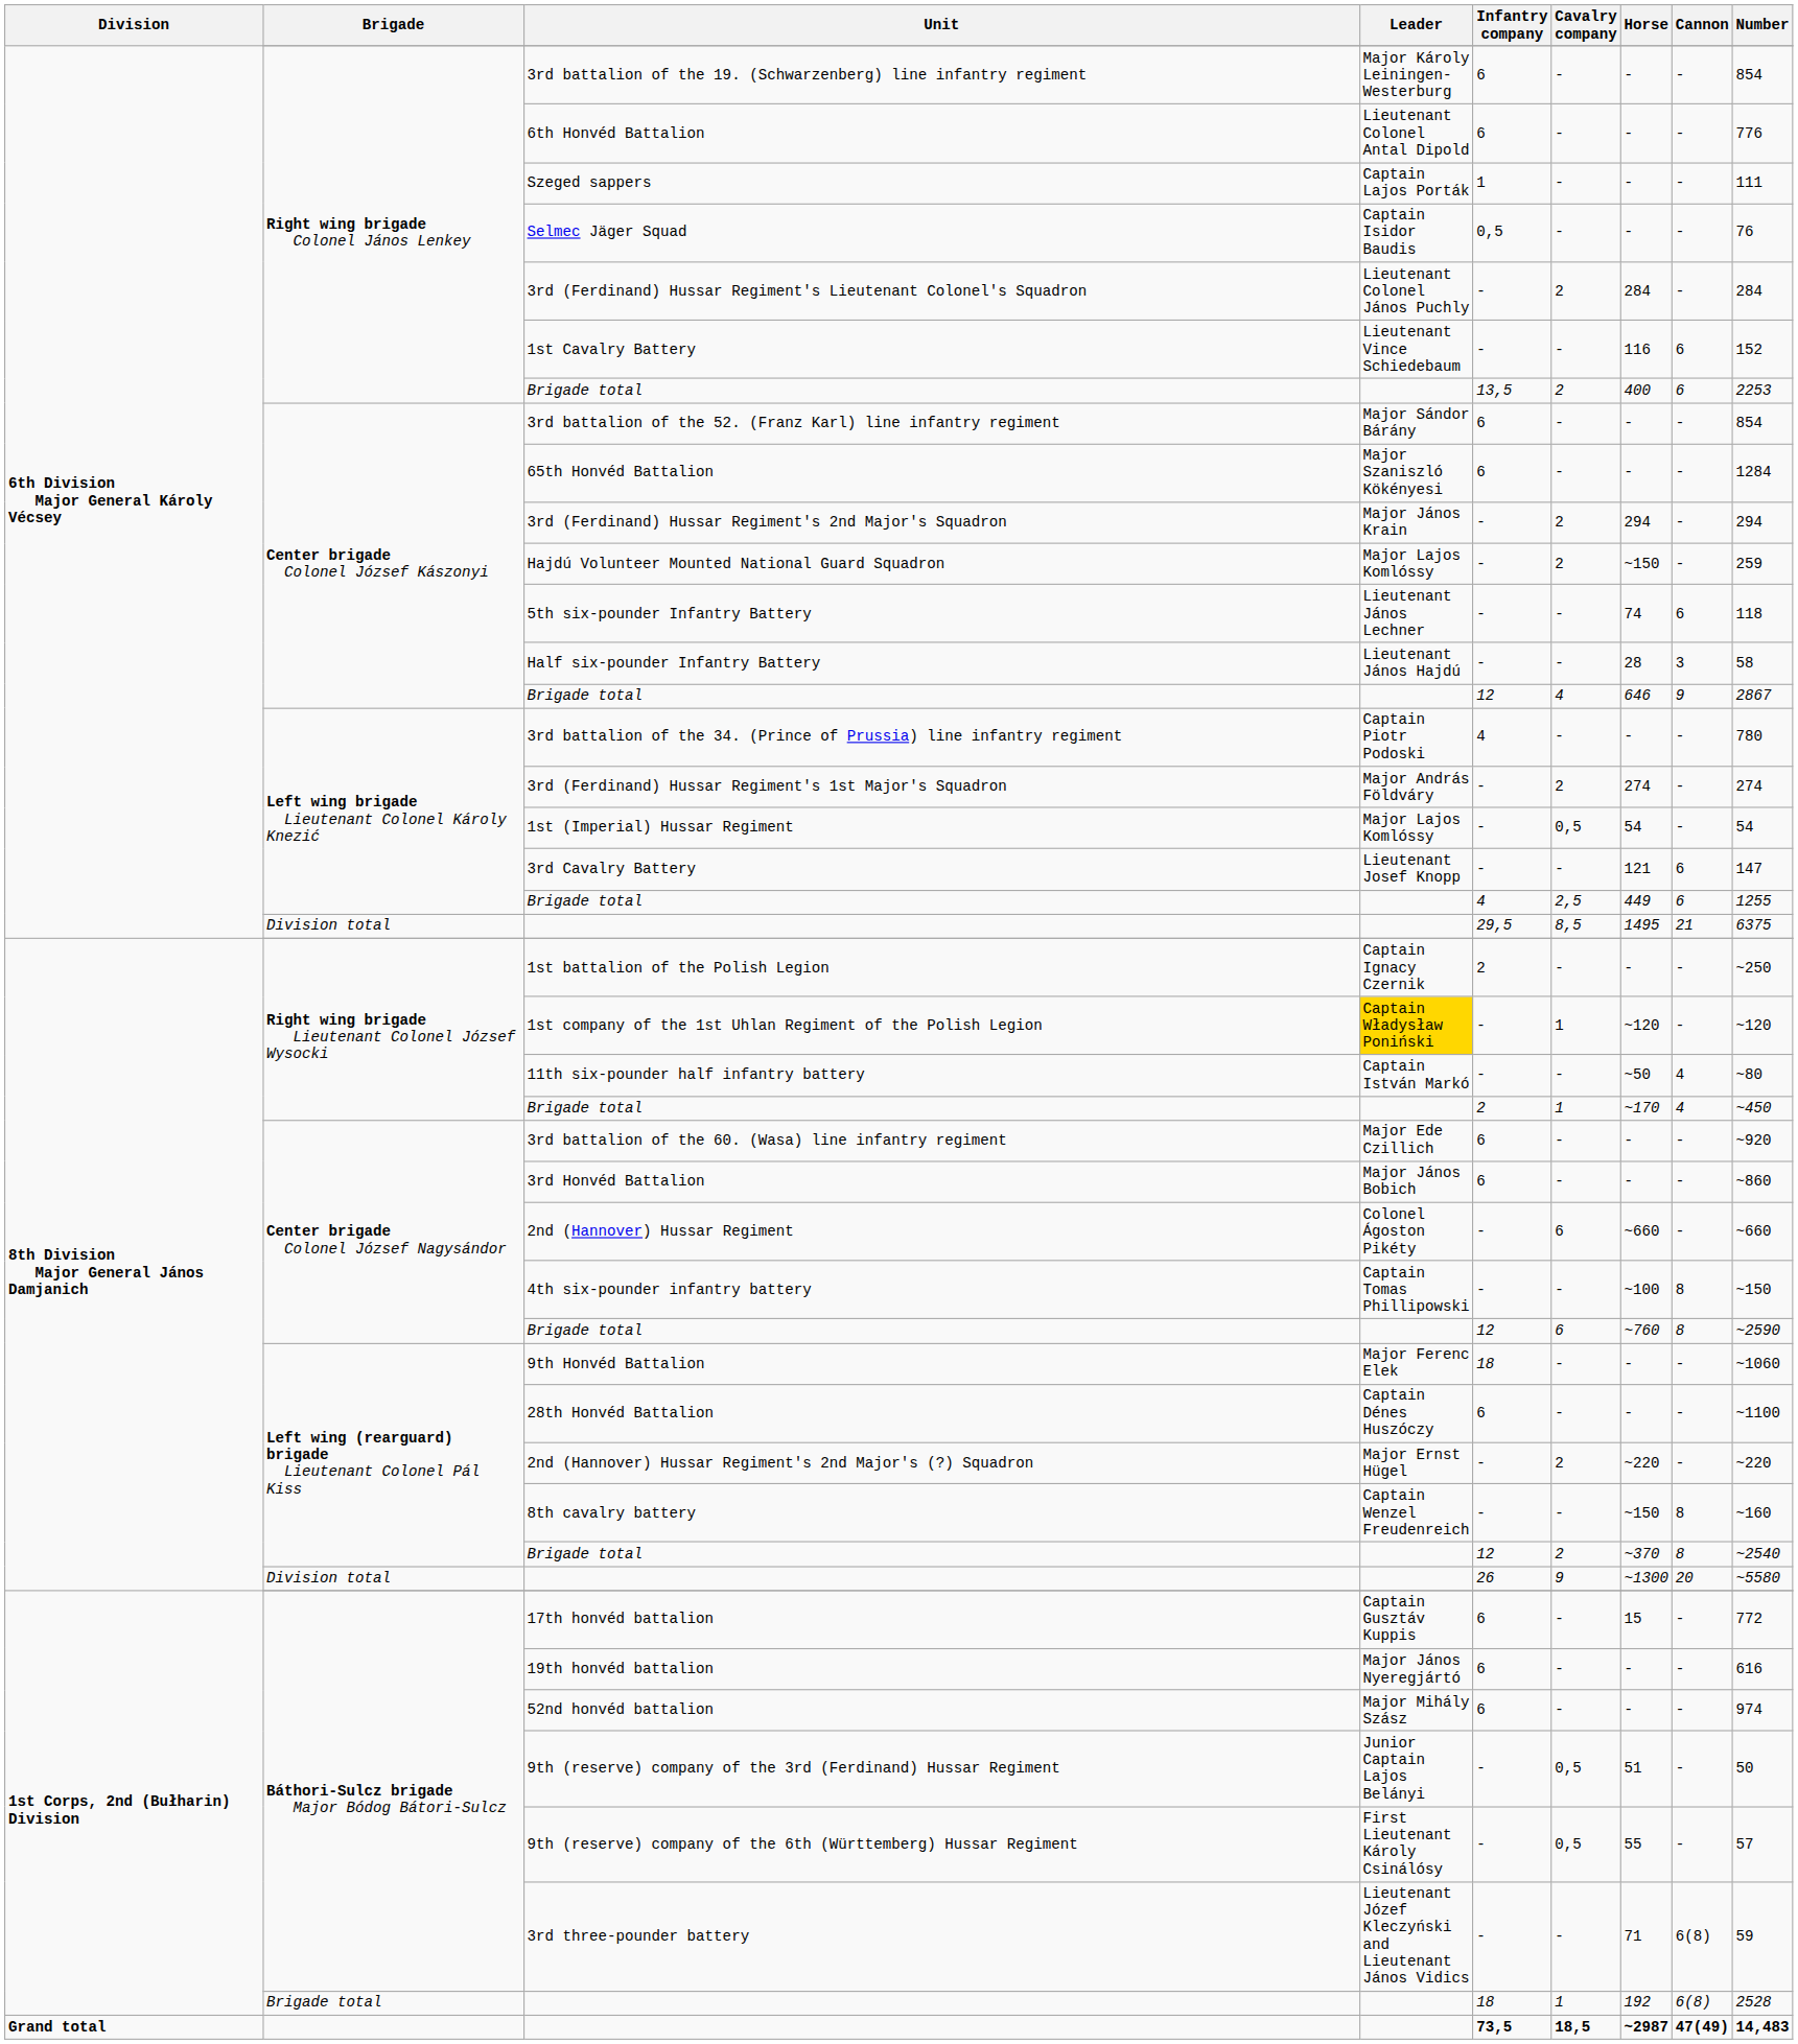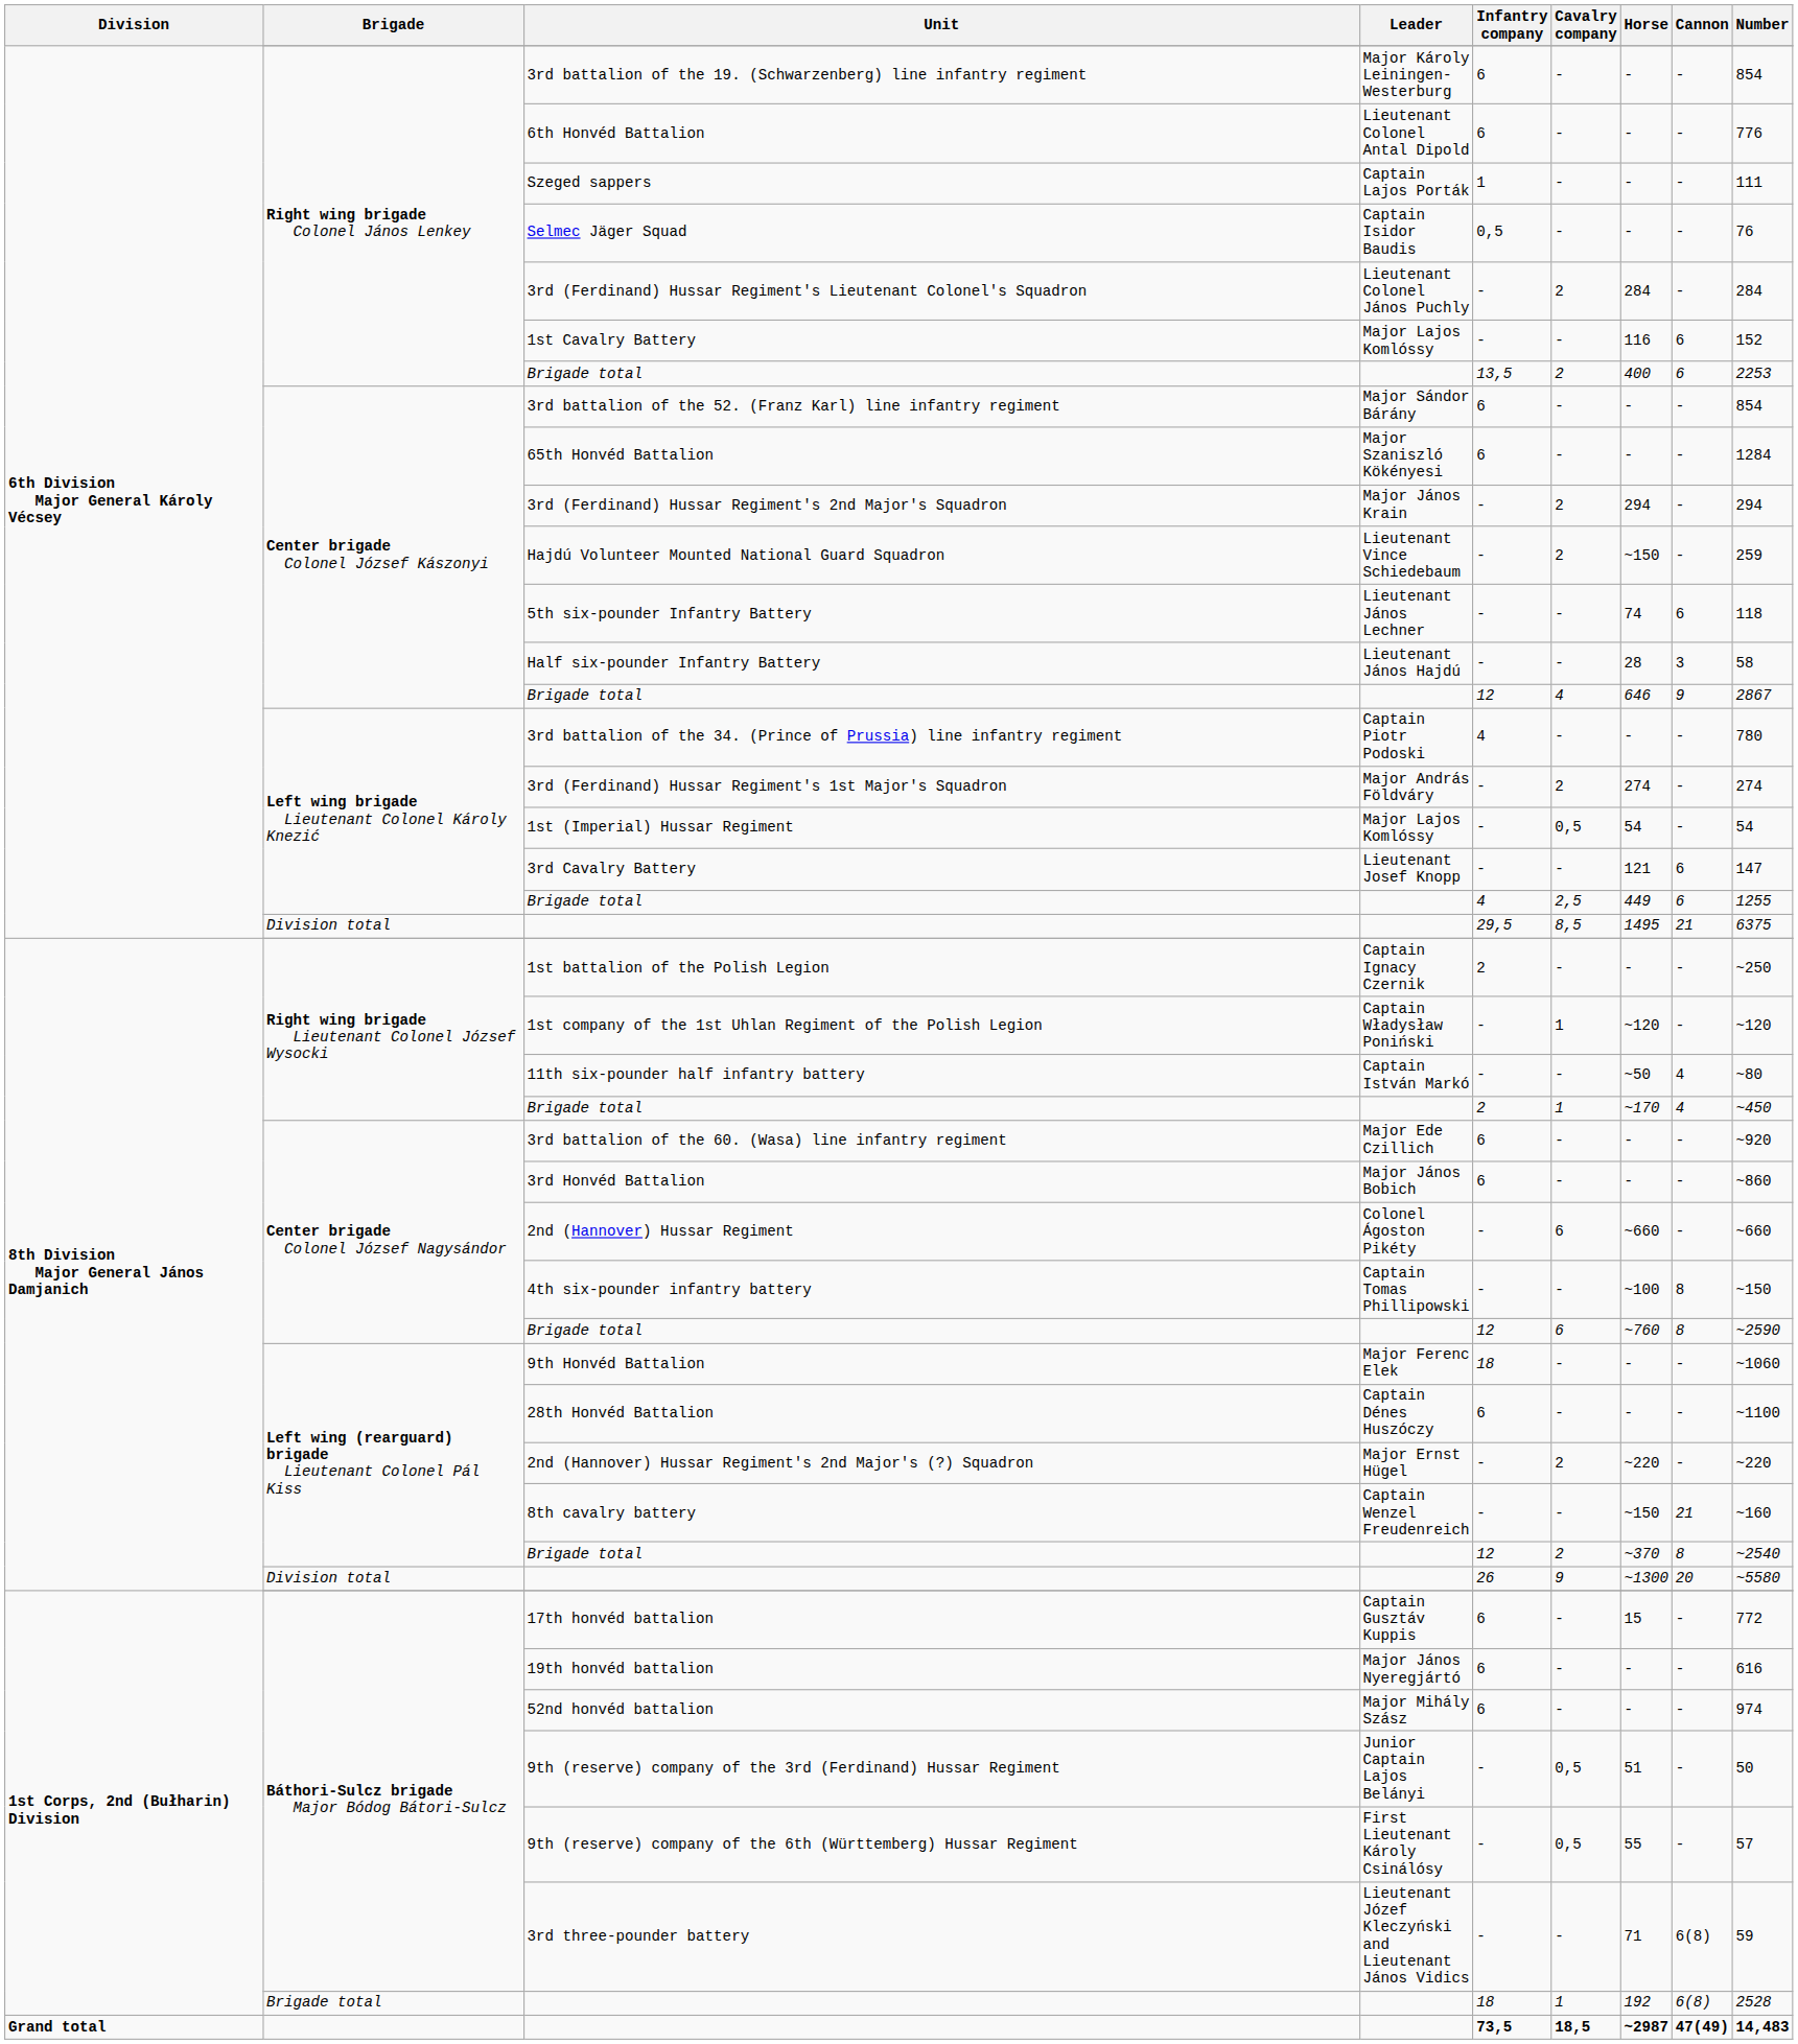 <table class="wikitable">
 <tr>
 <th width=18%>Division</th>
 <th width=18%>Brigade</th>
 <th width=62%>Unit</th>
 <th width=30%>Leader</th>
 <th width=>Infantry company</th>
 <th width=>Cavalry company</th>
 <th width=>Horse</th>
 <th width=>Cannon</th>
 <th width=>Number</th>
 </tr>
 <tr>
 <td rowspan=21><br><strong>6th Division</strong> <br>   <strong>Major General Károly Vécsey</strong></td>
 </tr>
 <tr>
 <td rowspan=7><br><strong>Right wing brigade</strong> <br>   <em>Colonel János Lenkey</em></td>
 <td>3rd battalion of the 19. (Schwarzenberg) line infantry regiment</td>
 <td>Major Károly Leiningen-Westerburg</td>
 <td>6</td>
 <td>-</td>
 <td>-</td>
 <td>-</td>
 <td>854</td>
 </tr>
 <tr>
 <td>6th Honvéd Battalion</td>
 <td>Lieutenant Colonel Antal Dipold</td>
 <td>6</td>
 <td>-</td>
 <td>-</td>
 <td>-</td>
 <td>776</td>
 </tr>
 <tr>
 <td>Szeged sappers</td>
 <td>Captain Lajos Porták</td>
 <td>1</td>
 <td>-</td>
 <td>-</td>
 <td>-</td>
 <td>111</td>
 </tr>
 <tr>
 <td><a href='#'>Selmec</a> Jäger Squad</td>
 <td>Captain Isidor Baudis</td>
 <td>0,5</td>
 <td>-</td>
 <td>-</td>
 <td>-</td>
 <td>76</td>
 </tr>
 <tr>
 <td>3rd (Ferdinand) Hussar Regiment's Lieutenant Colonel's Squadron</td>
 <td>Lieutenant Colonel János Puchly</td>
 <td>-</td>
 <td>2</td>
 <td>284</td>
 <td>-</td>
 <td>284</td>
 </tr>
 <tr>
 <td>1st Cavalry Battery</td>
-<td>Lieutenant Vince Schiedebaum</td>
+<td>Major Lajos Komlóssy</td>
 <td>-</td>
 <td>-</td>
 <td>116</td>
 <td>6</td>
 <td>152</td>
 </tr>
 <tr>
 <td><em>Brigade total</em></td>
 <td></td>
 <td><em>13,5</em></td>
 <td><em>2</em></td>
 <td><em>400</em></td>
 <td><em>6</em></td>
 <td><em>2253</em></td>
 </tr>
 <tr>
 <td rowspan=7><br><strong>Center brigade</strong> <br>  <em>Colonel József Kászonyi</em></td>
 <td>3rd battalion of the 52. (Franz Karl) line infantry regiment</td>
 <td>Major Sándor Bárány</td>
 <td>6</td>
 <td>-</td>
 <td>-</td>
 <td>-</td>
 <td>854</td>
 </tr>
 <tr>
 <td>65th Honvéd Battalion</td>
 <td>Major Szaniszló Kökényesi</td>
 <td>6</td>
 <td>-</td>
 <td>-</td>
 <td>-</td>
 <td>1284</td>
 </tr>
 <tr>
 <td>3rd (Ferdinand) Hussar Regiment's 2nd Major's Squadron</td>
 <td>Major János Krain</td>
 <td>-</td>
 <td>2</td>
 <td>294</td>
 <td>-</td>
 <td>294</td>
 </tr>
 <tr>
 <td>Hajdú Volunteer Mounted National Guard Squadron</td>
-<td>Major Lajos Komlóssy</td>
+<td>Lieutenant Vince Schiedebaum</td>
 <td>-</td>
 <td>2</td>
 <td>~150</td>
 <td>-</td>
 <td>259</td>
 </tr>
 <tr>
 <td>5th six-pounder Infantry Battery</td>
 <td>Lieutenant János Lechner</td>
 <td>-</td>
 <td>-</td>
 <td>74</td>
 <td>6</td>
 <td>118</td>
 </tr>
 <tr>
 <td>Half six-pounder Infantry Battery</td>
 <td>Lieutenant János Hajdú</td>
 <td>-</td>
 <td>-</td>
 <td>28</td>
 <td>3</td>
 <td>58</td>
 </tr>
 <tr>
 <td><em>Brigade total</em></td>
 <td></td>
 <td><em>12</em></td>
 <td><em>4</em></td>
 <td><em>646</em></td>
 <td><em>9</em></td>
 <td><em>2867</em></td>
 </tr>
 <tr>
 <td rowspan=5><br><strong>Left wing brigade</strong> <br>  <em>Lieutenant Colonel Károly Knezić</em></td>
 <td>3rd battalion of the 34. (Prince of <a href='#'>Prussia</a>) line infantry regiment</td>
 <td>Captain Piotr Podoski</td>
 <td>4</td>
 <td>-</td>
 <td>-</td>
 <td>-</td>
 <td>780</td>
 </tr>
 <tr>
 <td>3rd (Ferdinand) Hussar Regiment's 1st Major's Squadron</td>
 <td>Major András Földváry</td>
 <td>-</td>
 <td>2</td>
 <td>274</td>
 <td>-</td>
 <td>274</td>
 </tr>
 <tr>
 <td>1st (Imperial) Hussar Regiment</td>
 <td>Major Lajos Komlóssy</td>
 <td>-</td>
 <td>0,5</td>
 <td>54</td>
 <td>-</td>
 <td>54</td>
 </tr>
 <tr>
 <td>3rd Cavalry Battery</td>
 <td>Lieutenant Josef Knopp</td>
 <td>-</td>
 <td>-</td>
 <td>121</td>
 <td>6</td>
 <td>147</td>
 </tr>
 <tr>
 <td><em>Brigade total</em></td>
 <td></td>
 <td><em>4</em></td>
 <td><em>2,5</em></td>
 <td><em>449</em></td>
 <td><em>6</em></td>
 <td><em>1255</em></td>
 </tr>
 <tr>
 <td><em>Division total</em></td>
 <td></td>
 <td></td>
 <td><em>29,5</em></td>
 <td><em>8,5</em></td>
 <td><em>1495</em></td>
 <td><em>21</em></td>
 <td><em>6375</em></td>
 </tr>
 <tr>
 <td rowspan=16><br><strong>8th Division</strong> <br>   <strong>Major General János Damjanich</strong></td>
 </tr>
 <tr>
 <td rowspan=4><br><strong>Right wing brigade</strong> <br>   <em>Lieutenant Colonel József Wysocki</em></td>
 <td>1st battalion of the Polish Legion</td>
 <td>Captain Ignacy Czernik</td>
 <td>2</td>
 <td>-</td>
 <td>-</td>
 <td>-</td>
 <td>~250</td>
 </tr>
 <tr>
 <td>1st company of the 1st Uhlan Regiment of the Polish Legion</td>
-<td style="background: gold;">Captain Władysław Poniński</td>
+<td>Captain Władysław Poniński</td>
 <td>-</td>
 <td>1</td>
 <td>~120</td>
 <td>-</td>
 <td>~120</td>
 </tr>
 <tr>
 <td>11th six-pounder half infantry battery</td>
 <td>Captain István Markó</td>
 <td>-</td>
 <td>-</td>
 <td>~50</td>
 <td>4</td>
 <td>~80</td>
 </tr>
 <tr>
 <td><em>Brigade total</em></td>
 <td></td>
 <td><em>2</em></td>
 <td><em>1</em></td>
 <td><em>~170</em></td>
 <td><em>4</em></td>
 <td><em>~450</em></td>
 </tr>
 <tr>
 <td rowspan=5><br><strong>Center brigade</strong> <br>  <em>Colonel József Nagysándor</em></td>
 <td>3rd battalion of the 60. (Wasa) line infantry regiment</td>
 <td>Major Ede Czillich</td>
 <td>6</td>
 <td>-</td>
 <td>-</td>
 <td>-</td>
 <td>~920</td>
 </tr>
 <tr>
 <td>3rd Honvéd Battalion</td>
 <td>Major János Bobich</td>
 <td>6</td>
 <td>-</td>
 <td>-</td>
 <td>-</td>
 <td>~860</td>
 </tr>
 <tr>
 <td>2nd (<a href='#'>Hannover</a>) Hussar Regiment</td>
 <td>Colonel Ágoston Pikéty</td>
 <td>-</td>
 <td>6</td>
 <td>~660</td>
 <td>-</td>
 <td>~660</td>
 </tr>
 <tr>
 <td>4th six-pounder infantry battery</td>
 <td>Captain Tomas Phillipowski</td>
 <td>-</td>
 <td>-</td>
 <td>~100</td>
 <td>8</td>
 <td>~150</td>
 </tr>
 <tr>
 <td><em>Brigade total</em></td>
 <td></td>
 <td><em>12</em></td>
 <td><em>6</em></td>
 <td><em>~760</em></td>
 <td><em>8</em></td>
 <td><em>~2590</em></td>
 </tr>
 <tr>
 <td rowspan=5><br><strong>Left wing (rearguard) brigade</strong> <br>  <em>Lieutenant Colonel Pál Kiss</em></td>
 <td>9th Honvéd Battalion</td>
 <td>Major Ferenc Elek</td>
 <td><em>18</em></td>
 <td>-</td>
 <td>-</td>
 <td>-</td>
 <td>~1060</td>
 </tr>
 <tr>
 <td>28th Honvéd Battalion</td>
 <td>Captain Dénes Huszóczy</td>
 <td>6</td>
 <td>-</td>
 <td>-</td>
 <td>-</td>
 <td>~1100</td>
 </tr>
 <tr>
 <td>2nd (Hannover) Hussar Regiment's 2nd Major's (?) Squadron</td>
 <td>Major Ernst Hügel</td>
 <td>-</td>
 <td>2</td>
 <td>~220</td>
 <td>-</td>
 <td>~220</td>
 </tr>
 <tr>
 <td>8th cavalry battery</td>
 <td>Captain Wenzel Freudenreich</td>
 <td>-</td>
 <td>-</td>
 <td>~150</td>
-<td>8</td>
+<td><em>21</em></td>
 <td>~160</td>
 </tr>
 <tr>
 <td><em>Brigade total</em></td>
 <td></td>
 <td><em>12</em></td>
 <td><em>2</em></td>
 <td><em>~370</em></td>
 <td><em>8</em></td>
 <td><em>~2540</em></td>
 </tr>
 <tr>
 <td><em>Division total</em></td>
 <td></td>
 <td></td>
 <td><em>26</em></td>
 <td><em>9</em></td>
 <td><em>~1300</em></td>
 <td><em>20</em></td>
 <td><em>~5580</em></td>
 </tr>
 <tr>
 <td rowspan=8><br><strong>1st Corps, 2nd (Bułharin) Division</strong></td>
 </tr>
 <tr>
 <td rowspan=6><br><strong>Báthori-Sulcz brigade</strong> <br>   <em>Major Bódog Bátori-Sulcz</em></td>
 <td>17th honvéd battalion</td>
 <td>Captain Gusztáv Kuppis</td>
 <td>6</td>
 <td>-</td>
 <td>15</td>
 <td>-</td>
 <td>772</td>
 </tr>
 <tr>
 <td>19th honvéd battalion</td>
 <td>Major János Nyeregjártó</td>
 <td>6</td>
 <td>-</td>
 <td>-</td>
 <td>-</td>
 <td>616</td>
 </tr>
 <tr>
 <td>52nd honvéd battalion</td>
 <td>Major Mihály Szász</td>
 <td>6</td>
 <td>-</td>
 <td>-</td>
 <td>-</td>
 <td>974</td>
 </tr>
 <tr>
 <td>9th (reserve) company of the 3rd (Ferdinand) Hussar Regiment</td>
 <td>Junior Captain Lajos Belányi</td>
 <td>-</td>
 <td>0,5</td>
 <td>51</td>
 <td>-</td>
 <td>50</td>
 </tr>
 <tr>
 <td>9th (reserve) company of the 6th (Württemberg) Hussar Regiment</td>
 <td>First Lieutenant Károly Csinálósy</td>
 <td>-</td>
 <td>0,5</td>
 <td>55</td>
 <td>-</td>
 <td>57</td>
 </tr>
 <tr>
 <td>3rd three-pounder battery</td>
 <td>Lieutenant Józef Kleczyński and Lieutenant János Vidics</td>
 <td>-</td>
 <td>-</td>
 <td>71</td>
 <td>6(8)</td>
 <td>59</td>
 </tr>
 <tr>
 <td><em>Brigade total</em></td>
 <td></td>
 <td></td>
 <td><em>18</em></td>
 <td><em>1</em></td>
 <td><em>192</em></td>
 <td><em>6(8)</em></td>
 <td><em>2528</em></td>
 </tr>
 <tr>
 <td><strong>Grand total</strong></td>
 <td></td>
 <td></td>
 <td></td>
 <td><strong>73,5</strong></td>
 <td><strong>18,5</strong></td>
 <td><strong>~2987</strong></td>
 <td><strong>47(49)</strong></td>
 <td><strong>14,483</strong></td>
 </tr>
 </table>
